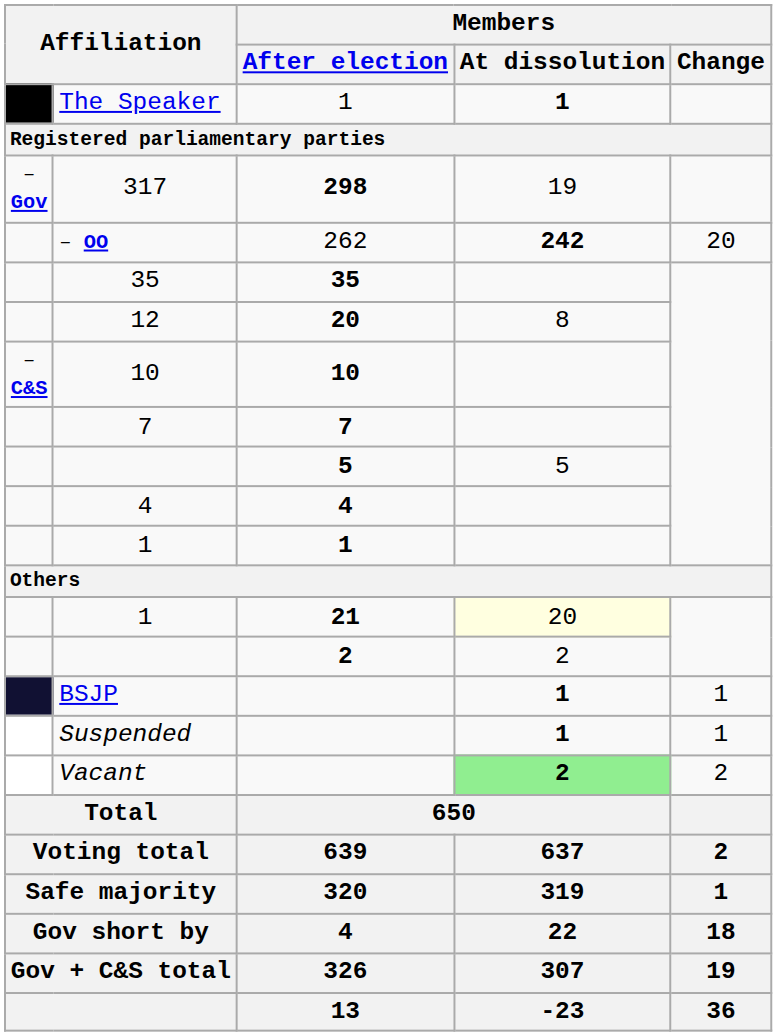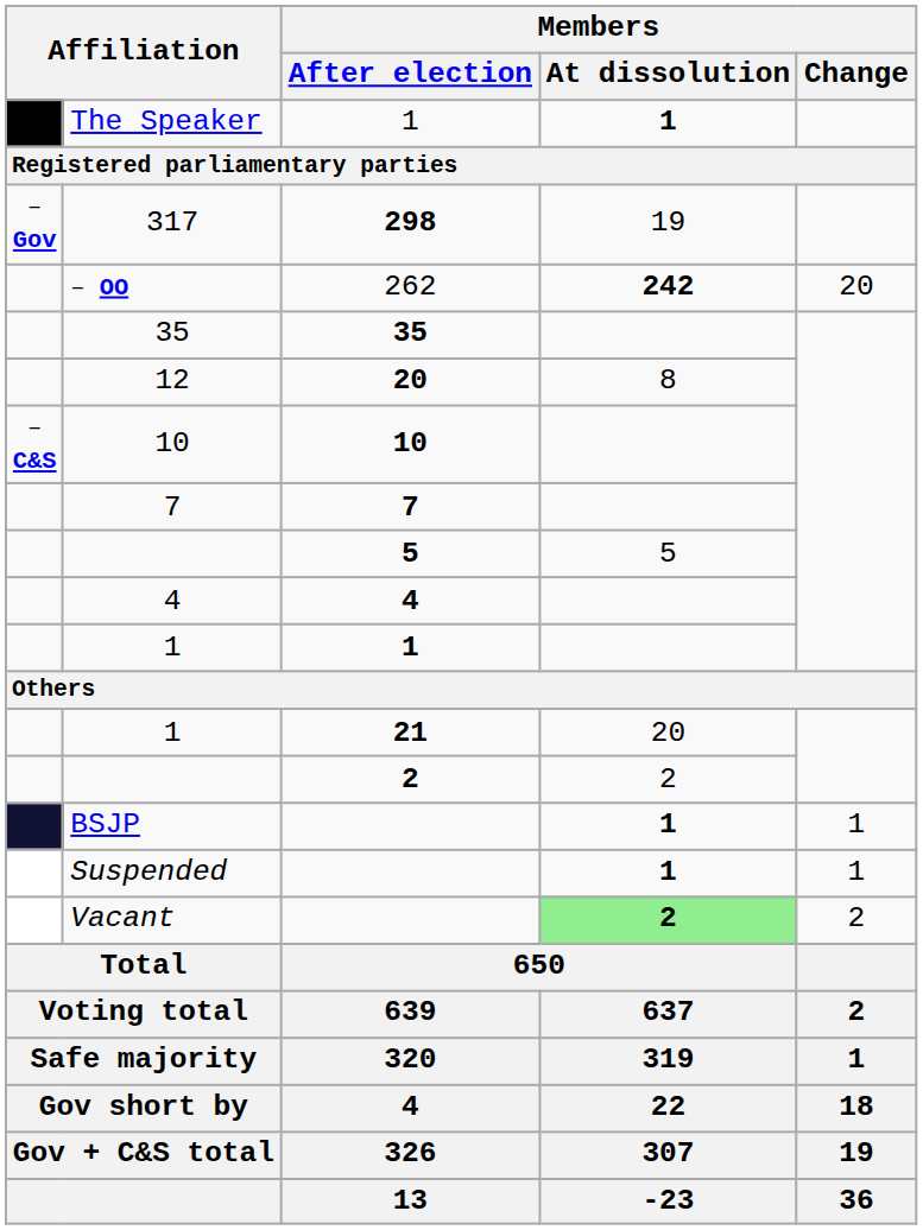 <table class="wikitable sortable" border="1" style="font-size:95%;text-align:center">
 <tr>
 <th colspan="2" rowspan="2" class=unsortable style="text-align:center;vertical-align:middle;">Affiliation</th>
 <th colspan="3" style="vertical-align:top;">Members</th>
 </tr>
 <tr>
 <th data-sort-type=number><a href='#'>After election</a></th>
 <th data-sort-type=number>At dissolution</th>
 <th>Change</th>
 </tr>
 <tr>
 <td style="width: 4px;background-color:black;"> </td>
 <td align="left"><a href='#'>The Speaker</a></td>
 <td>1</td>
 <td><strong>1</strong></td>
 <td></td>
 </tr>
 <tr>
 <th colspan="5" style="font-size: 80%;text-align:left">Registered parliamentary parties</th>
 </tr>
 <tr>
 <td> <small>– <strong><a href='#'>Gov</a></strong></small></td>
 <td>317</td>
 <td><strong>298</strong></td>
 <td> 19</td>
 </tr>
 <tr>
 <td style="width: 4px; background-color:"></td>
 <td style="text-align: left;" scope="row"><a href='#'></a> <small>– <strong><a href='#'>OO</a></strong></small></td>
 <td>262</td>
 <td><strong>242</strong></td>
 <td> 20</td>
 </tr>
 <tr>
 <td></td>
 <td>35</td>
 <td><strong>35</strong></td>
 <td></td>
 </tr>
 <tr>
 <td></td>
 <td>12</td>
 <td><strong>20</strong></td>
 <td> 8</td>
 </tr>
 <tr>
 <td> <small>– <strong><a href='#'>C&S</a></strong></small></td>
 <td>10</td>
 <td><strong>10</strong></td>
 <td></td>
 </tr>
 <tr>
 <td></td>
 <td>7</td>
 <td><strong>7</strong></td>
 <td></td>
 </tr>
 <tr>
 <td></td>
 <td></td>
 <td><strong>5</strong></td>
 <td> 5</td>
 </tr>
 <tr>
 <td></td>
 <td>4</td>
 <td><strong>4</strong></td>
 <td></td>
 </tr>
 <tr>
 <td></td>
 <td>1</td>
 <td><strong>1</strong></td>
 <td></td>
 </tr>
 <tr>
 <th colspan="5" style="font-size: 80%;text-align:left">Others</th>
 </tr>
 <tr>
 <td></td>
 <td>1</td>
 <td><strong>21</strong></td>
-<td style="background: lightyellow;"> 20</td>
+<td> 20</td>
 </tr>
 <tr>
 <td></td>
 <td></td>
 <td><strong>2</strong></td>
 <td> 2</td>
 </tr>
 <tr>
 <td style="background-color:#111133"> </td>
 <td align="left"><a href='#'>BSJP</a></td>
 <td></td>
 <td><strong>1</strong></td>
 <td> 1</td>
 </tr>
 <tr>
 <td style="background-color:white"> </td>
 <td align="left"><em>Suspended</em></td>
 <td></td>
 <td><strong>1</strong></td>
 <td> 1</td>
 </tr>
 <tr>
 <td style="background-color:white"> </td>
 <td align="left"><em>Vacant</em></td>
 <td></td>
 <td style="background: lightgreen;"><strong>2</strong></td>
 <td> 2</td>
 </tr>
 <tr>
 <th colspan="2">Total</th>
 <th colspan="2"><strong>650</strong></th>
 <th></th>
 </tr>
 <tr>
 <th colspan="2">Voting total</th>
 <th>639</th>
 <th><strong>637</strong></th>
 <th> 2</th>
 </tr>
 <tr>
 <th colspan="2">Safe majority</th>
 <th>320 </th>
 <th><strong>319</strong> </th>
 <th> 1</th>
 </tr>
 <tr>
 <th colspan="2">Gov short by</th>
 <th>4 </th>
 <th><strong>22</strong> </th>
 <th> 18</th>
 </tr>
 <tr>
 <th colspan="2">Gov + C&S total</th>
 <th>326 </th>
 <th><strong>307</strong> </th>
 <th> 19</th>
 </tr>
 <tr>
 <th colspan="2" rowspan="1"></th>
 <th>13 </th>
 <th><strong>-23</strong> </th>
 <th> 36</th>
 </tr>
 </table>
